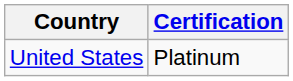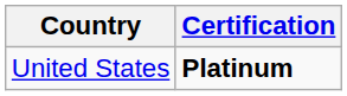 <table class="wikitable sortable">
 <tr>
 <th>Country</th>
 <th><a href='#'>Certification</a></th>
 </tr>
 <tr>
 <td><a href='#'>United States</a></td>
-<td>Platinum</td>
+<td><strong>Platinum</strong></td>
 </tr>
 </table>
